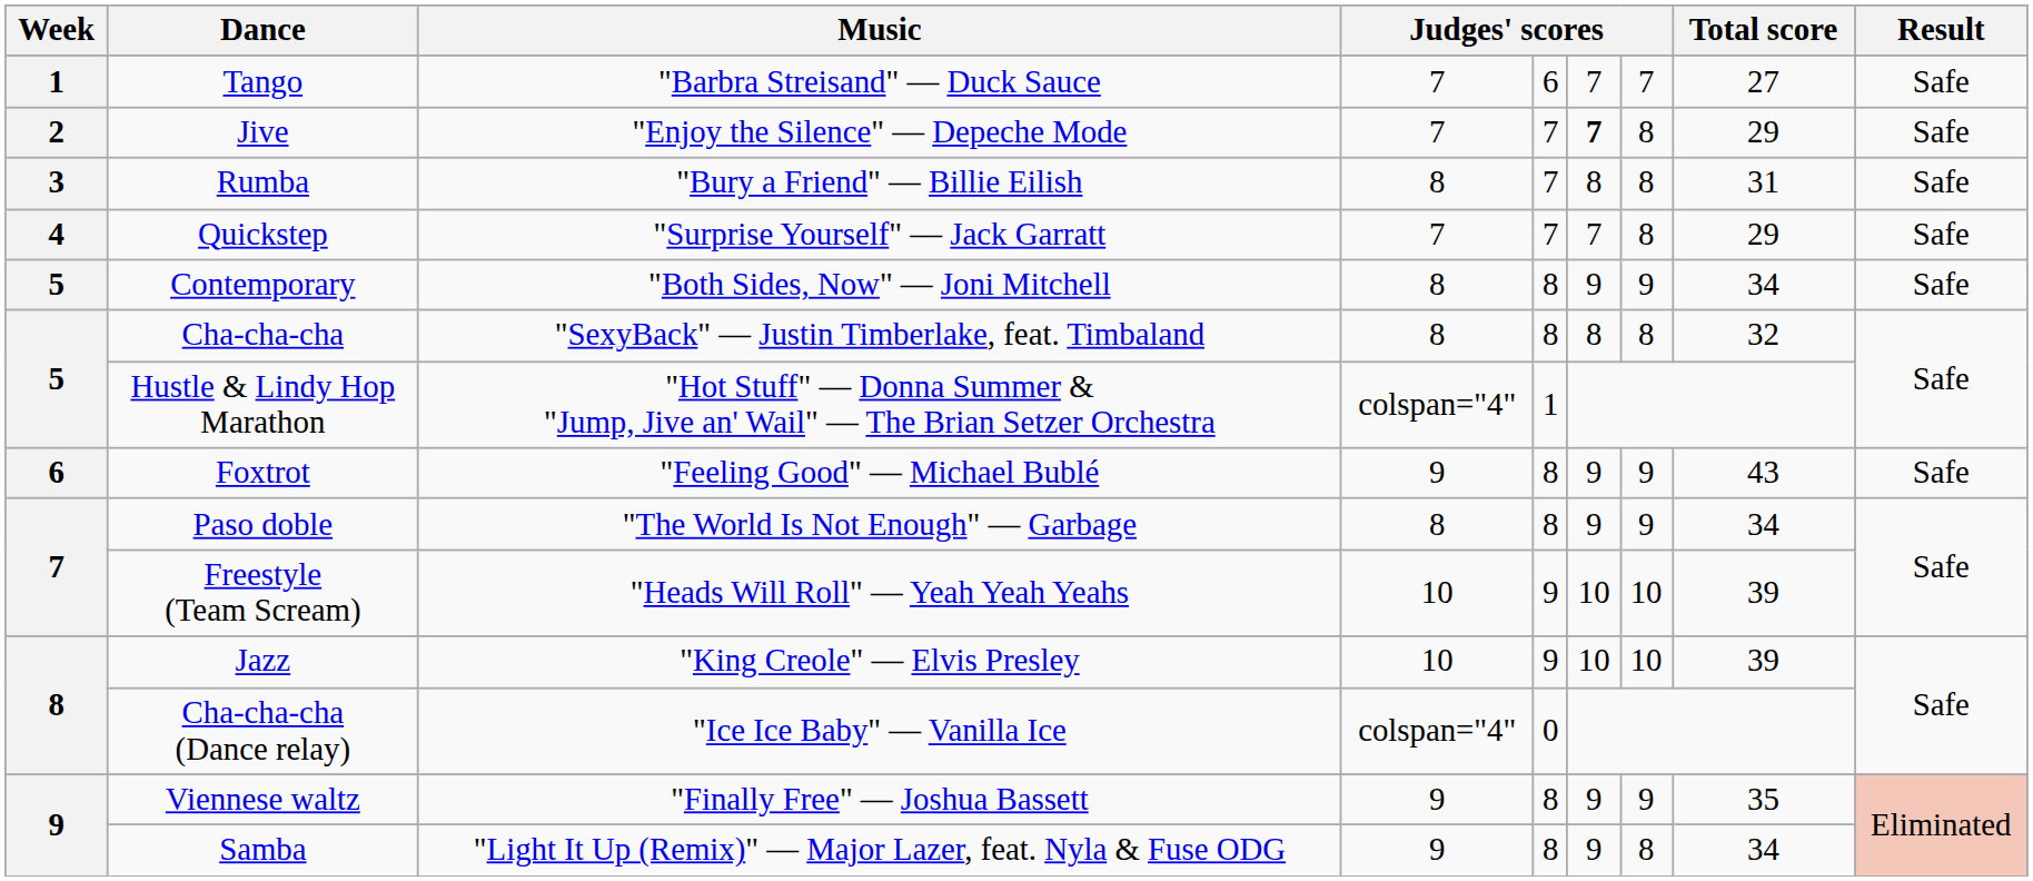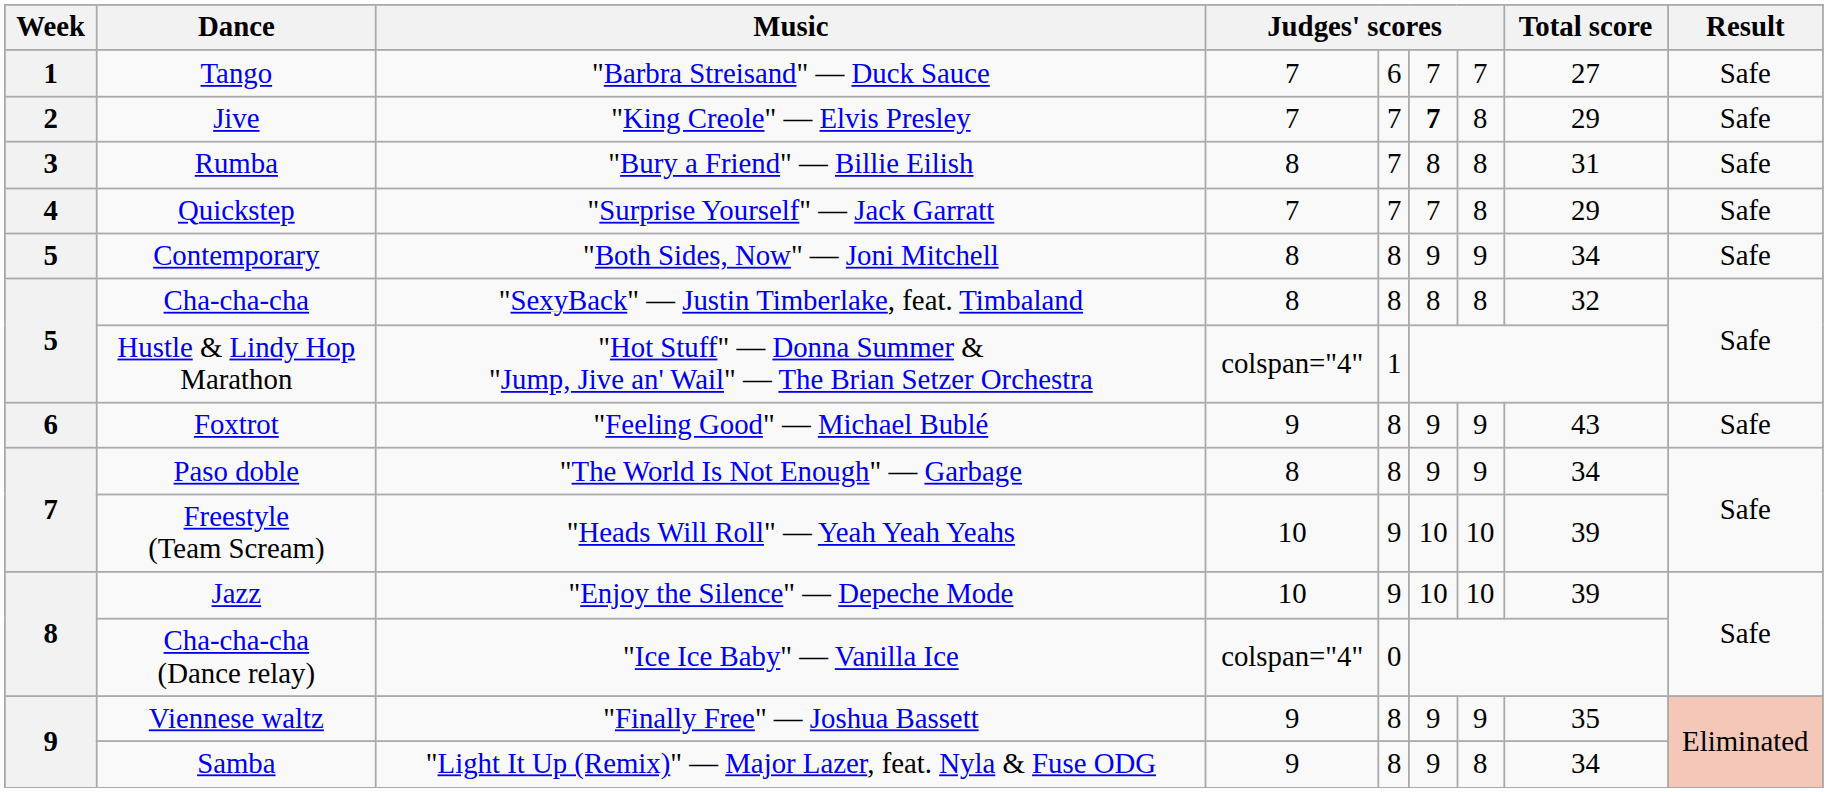 <table class="wikitable unsortable" style="text-align:center; width:80%">
 <tr>
 <th scope="col">Week</th>
 <th scope="col">Dance</th>
 <th scope="col">Music</th>
 <th scope="col" colspan="4">Judges' scores</th>
 <th scope="col">Total score</th>
 <th scope="col">Result</th>
 </tr>
 <tr>
 <th scope="row">1</th>
 <td><a href='#'>Tango</a></td>
 <td>"<a href='#'>Barbra Streisand</a>" — <a href='#'>Duck Sauce</a></td>
 <td>7</td>
 <td>6</td>
 <td>7</td>
 <td>7</td>
 <td>27</td>
 <td>Safe</td>
 </tr>
 <tr>
 <th scope="row">2</th>
 <td><a href='#'>Jive</a></td>
-<td>"<a href='#'>Enjoy the Silence</a>" — <a href='#'>Depeche Mode</a></td>
+<td>"<a href='#'>King Creole</a>" — <a href='#'>Elvis Presley</a></td>
 <td>7</td>
 <td>7</td>
 <td><strong>7</strong></td>
 <td>8</td>
 <td>29</td>
 <td>Safe</td>
 </tr>
 <tr>
 <th scope="row">3</th>
 <td><a href='#'>Rumba</a></td>
 <td>"<a href='#'>Bury a Friend</a>" — <a href='#'>Billie Eilish</a></td>
 <td>8</td>
 <td>7</td>
 <td>8</td>
 <td>8</td>
 <td>31</td>
 <td>Safe</td>
 </tr>
 <tr>
 <th scope="row">4</th>
 <td><a href='#'>Quickstep</a></td>
 <td>"<a href='#'>Surprise Yourself</a>" — <a href='#'>Jack Garratt</a></td>
 <td>7</td>
 <td>7</td>
 <td>7</td>
 <td>8</td>
 <td>29</td>
 <td>Safe</td>
 </tr>
 <tr>
 <th scope="row">5<br></th>
 <td><a href='#'>Contemporary</a></td>
 <td>"<a href='#'>Both Sides, Now</a>" — <a href='#'>Joni Mitchell</a></td>
 <td>8</td>
 <td>8</td>
 <td>9</td>
 <td>9</td>
 <td>34</td>
 <td>Safe</td>
 </tr>
 <tr>
 <th scope="row" rowspan="2">5<br></th>
 <td><a href='#'>Cha-cha-cha</a></td>
 <td>"<a href='#'>SexyBack</a>" — <a href='#'>Justin Timberlake</a>, feat. <a href='#'>Timbaland</a></td>
 <td>8</td>
 <td>8</td>
 <td>8</td>
 <td>8</td>
 <td>32</td>
 <td rowspan="2">Safe</td>
 </tr>
 <tr>
 <td><a href='#'>Hustle</a> & <a href='#'>Lindy Hop</a><br>Marathon</td>
 <td>"<a href='#'>Hot Stuff</a>" — <a href='#'>Donna Summer</a> &<br>"<a href='#'>Jump, Jive an' Wail</a>" — <a href='#'>The Brian Setzer Orchestra</a></td>
 <td>colspan="4" </td>
 <td>1</td>
 </tr>
 <tr>
 <th scope="row">6</th>
 <td><a href='#'>Foxtrot</a></td>
 <td>"<a href='#'>Feeling Good</a>" — <a href='#'>Michael Bublé</a></td>
 <td>9</td>
 <td>8</td>
 <td>9</td>
 <td>9</td>
 <td>43</td>
 <td>Safe</td>
 </tr>
 <tr>
 <th scope="row" rowspan="2">7</th>
 <td><a href='#'>Paso doble</a></td>
 <td>"<a href='#'>The World Is Not Enough</a>" — <a href='#'>Garbage</a></td>
 <td>8</td>
 <td>8</td>
 <td>9</td>
 <td>9</td>
 <td>34</td>
 <td rowspan="2">Safe</td>
 </tr>
 <tr>
 <td><a href='#'>Freestyle</a><br>(Team Scream)</td>
 <td>"<a href='#'>Heads Will Roll</a>" — <a href='#'>Yeah Yeah Yeahs</a></td>
 <td>10</td>
 <td>9</td>
 <td>10</td>
 <td>10</td>
 <td>39</td>
 </tr>
 <tr>
 <th scope="row" rowspan="2">8</th>
 <td><a href='#'>Jazz</a></td>
-<td>"<a href='#'>King Creole</a>" — <a href='#'>Elvis Presley</a></td>
+<td>"<a href='#'>Enjoy the Silence</a>" — <a href='#'>Depeche Mode</a></td>
 <td>10</td>
 <td>9</td>
 <td>10</td>
 <td>10</td>
 <td>39</td>
 <td rowspan="2">Safe</td>
 </tr>
 <tr>
 <td><a href='#'>Cha-cha-cha</a><br>(Dance relay)</td>
 <td>"<a href='#'>Ice Ice Baby</a>" — <a href='#'>Vanilla Ice</a></td>
 <td>colspan="4" </td>
 <td>0</td>
 </tr>
 <tr>
 <th scope="row" rowspan="2">9</th>
 <td><a href='#'>Viennese waltz</a></td>
 <td>"<a href='#'>Finally Free</a>" — <a href='#'>Joshua Bassett</a></td>
 <td>9</td>
 <td>8</td>
 <td>9</td>
 <td>9</td>
 <td>35</td>
 <td rowspan="2" bgcolor="f4c7b8">Eliminated</td>
 </tr>
 <tr>
 <td><a href='#'>Samba</a></td>
 <td>"<a href='#'>Light It Up (Remix)</a>" — <a href='#'>Major Lazer</a>, feat. <a href='#'>Nyla</a> & <a href='#'>Fuse ODG</a></td>
 <td>9</td>
 <td>8</td>
 <td>9</td>
 <td>8</td>
 <td>34</td>
 </tr>
 </table>
